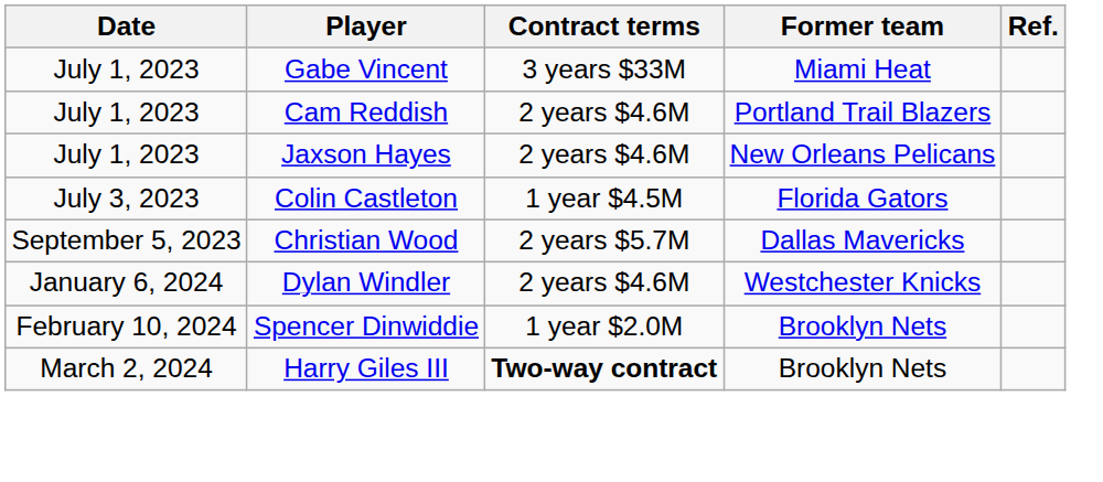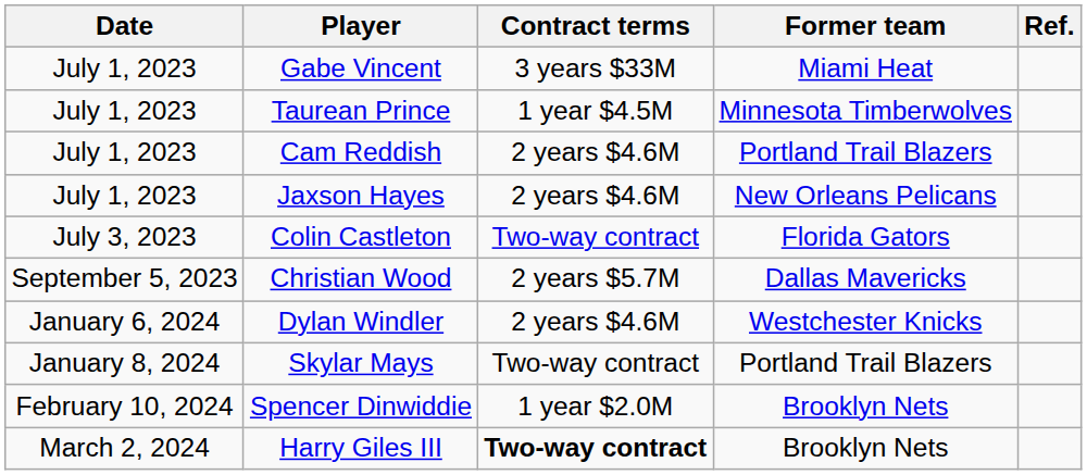 <table class="wikitable sortable sortable" style="text-align: center">
 <tr>
 <th>Date</th>
 <th>Player</th>
 <th>Contract terms</th>
 <th>Former team</th>
 <th>Ref.</th>
 </tr>
 <tr>
 <td>July 1, 2023</td>
 <td><a href='#'>Gabe Vincent</a></td>
 <td>3 years $33M</td>
 <td><a href='#'>Miami Heat</a></td>
+<td></td>
+</tr>
+<tr>
+<td>July 1, 2023</td>
+<td><a href='#'>Taurean Prince</a></td>
+<td>1 year $4.5M</td>
+<td><a href='#'>Minnesota Timberwolves</a></td>
 <td></td>
 </tr>
 <tr>
 <td>July 1, 2023</td>
 <td><a href='#'>Cam Reddish</a></td>
 <td>2 years $4.6M</td>
 <td><a href='#'>Portland Trail Blazers</a></td>
 <td></td>
 </tr>
 <tr>
 <td>July 1, 2023</td>
 <td><a href='#'>Jaxson Hayes</a></td>
 <td>2 years $4.6M</td>
 <td><a href='#'>New Orleans Pelicans</a></td>
 <td></td>
 </tr>
 <tr>
 <td>July 3, 2023</td>
 <td><a href='#'>Colin Castleton</a></td>
-<td>1 year $4.5M</td>
+<td><a href='#'>Two-way contract</a></td>
 <td><a href='#'>Florida Gators</a></td>
 <td></td>
 </tr>
 <tr>
 <td>September 5, 2023</td>
 <td><a href='#'>Christian Wood</a></td>
 <td>2 years $5.7M</td>
 <td><a href='#'>Dallas Mavericks</a></td>
 <td></td>
 </tr>
 <tr>
 <td>January 6, 2024</td>
 <td><a href='#'>Dylan Windler</a></td>
 <td>2 years $4.6M</td>
 <td><a href='#'>Westchester Knicks</a></td>
 <td></td>
 </tr>
 <tr>
+<td>January 8, 2024</td>
+<td><a href='#'>Skylar Mays</a></td>
+<td>Two-way contract</td>
+<td>Portland Trail Blazers</td>
+<td></td>
+</tr>
+<tr>
 <td>February 10, 2024</td>
 <td><a href='#'>Spencer Dinwiddie</a></td>
 <td>1 year $2.0M</td>
 <td><a href='#'>Brooklyn Nets</a></td>
 <td></td>
 </tr>
 <tr>
 <td>March 2, 2024</td>
 <td><a href='#'>Harry Giles III</a></td>
 <td><strong>Two-way contract</strong></td>
 <td>Brooklyn Nets</td>
 <td></td>
 </tr>
 </table>
